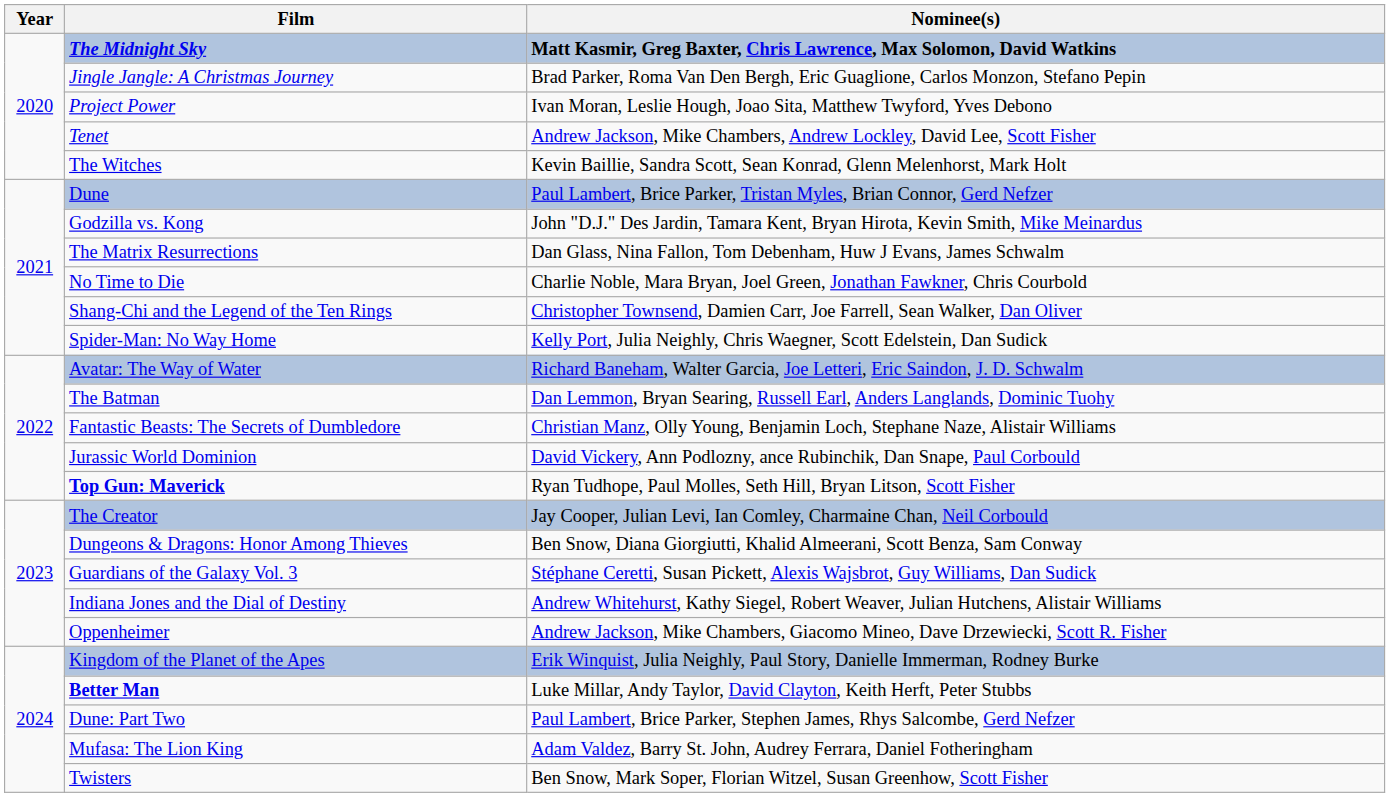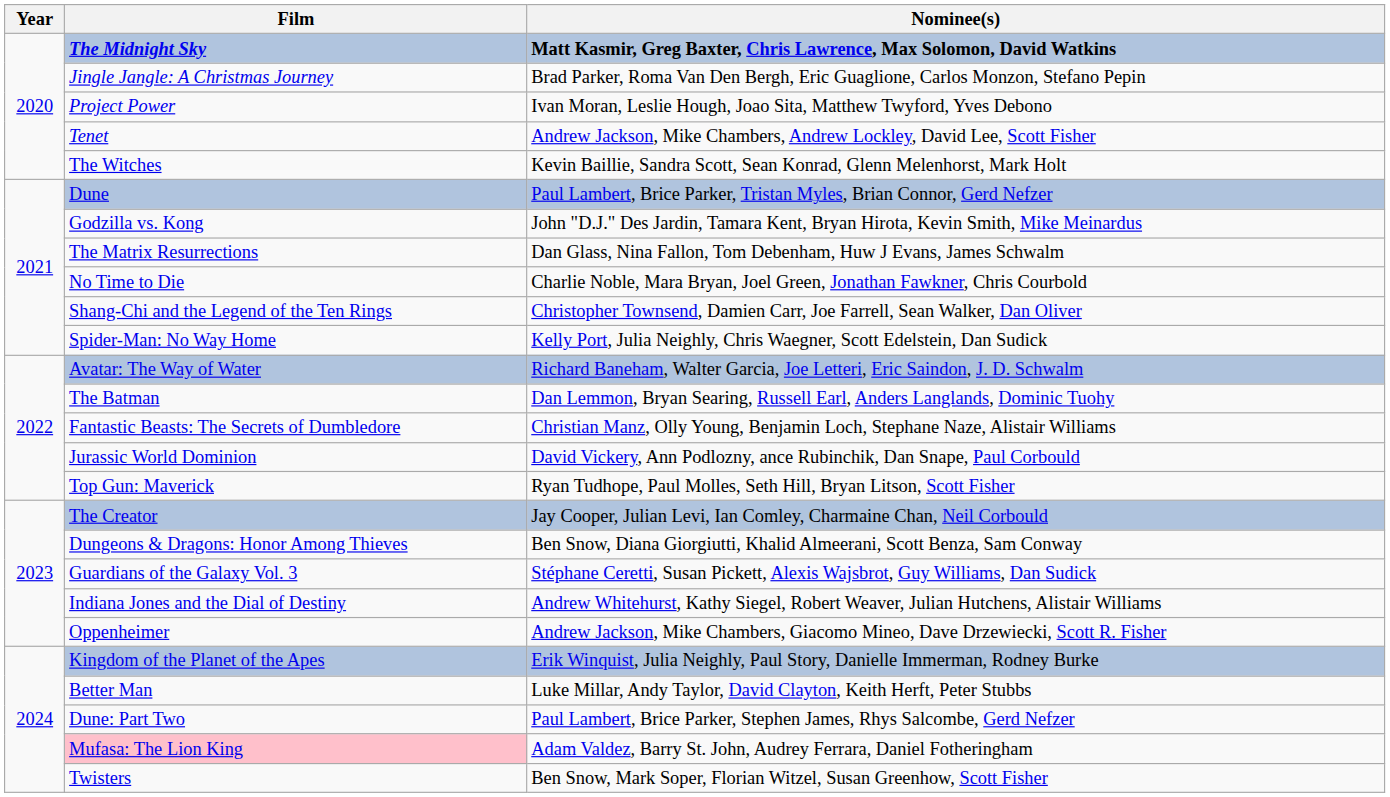 <table class="wikitable" width="95%" cellpadding="5">
 <tr>
 <th>Year</th>
 <th>Film</th>
 <th>Nominee(s)</th>
 </tr>
 <tr>
 <td rowspan="5" style="text-align:center;"><a href='#'>2020</a><br></td>
 <td style="background:#B0C4DE;"><strong><em><a href='#'>The Midnight Sky</a></em></strong></td>
 <td style="background:#B0C4DE;"><strong>Matt Kasmir, Greg Baxter, <a href='#'>Chris Lawrence</a>, Max Solomon, David Watkins</strong></td>
 </tr>
 <tr>
 <td><em><a href='#'>Jingle Jangle: A Christmas Journey</a></em></td>
 <td>Brad Parker, Roma Van Den Bergh, Eric Guaglione, Carlos Monzon, Stefano Pepin</td>
 </tr>
 <tr>
 <td><em><a href='#'>Project Power</a></em></td>
 <td>Ivan Moran, Leslie Hough, Joao Sita, Matthew Twyford, Yves Debono</td>
 </tr>
 <tr>
 <td><em><a href='#'>Tenet</a><strong><strong><em></td>
 <td><a href='#'>Andrew Jackson</a>, Mike Chambers, <a href='#'>Andrew Lockley</a>, David Lee, <a href='#'>Scott Fisher</a></td>
 </tr>
 <tr>
 <td></em><a href='#'>The Witches</a><em></td>
 <td>Kevin Baillie, Sandra Scott, Sean Konrad, Glenn Melenhorst, Mark Holt</td>
 </tr>
 <tr>
 <td rowspan="6" style="text-align:center;"><a href='#'>2021</a><br></td>
 <td style="background:#B0C4DE;"></em></strong><a href='#'>Dune</a> <strong><em></td>
 <td style="background:#B0C4DE;"></strong><a href='#'>Paul Lambert</a>, Brice Parker, <a href='#'>Tristan Myles</a>, Brian Connor, <a href='#'>Gerd Nefzer</a><strong></td>
 </tr>
 <tr>
 <td></em><a href='#'>Godzilla vs. Kong</a><em></td>
 <td>John "D.J." Des Jardin, Tamara Kent, Bryan Hirota, Kevin Smith, <a href='#'>Mike Meinardus</a></td>
 </tr>
 <tr>
 <td></em><a href='#'>The Matrix Resurrections</a><em></td>
 <td>Dan Glass, Nina Fallon, Tom Debenham, Huw J Evans, James Schwalm</td>
 </tr>
 <tr>
 <td></em><a href='#'>No Time to Die</a><em></td>
 <td>Charlie Noble, Mara Bryan, Joel Green, <a href='#'>Jonathan Fawkner</a>, Chris Courbold</td>
 </tr>
 <tr>
 <td></em><a href='#'>Shang-Chi and the Legend of the Ten Rings</a><em></td>
 <td><a href='#'>Christopher Townsend</a>, Damien Carr, Joe Farrell, Sean Walker, <a href='#'>Dan Oliver</a></td>
 </tr>
 <tr>
 <td></em><a href='#'>Spider-Man: No Way Home</a><em></td>
 <td><a href='#'>Kelly Port</a>, Julia Neighly, Chris Waegner, Scott Edelstein, Dan Sudick</td>
 </tr>
 <tr>
 <td rowspan="5" style="text-align:center;"><a href='#'>2022</a><br></td>
 <td style="background:#B0C4DE;"></em></strong><a href='#'>Avatar: The Way of Water</a> <strong><em></td>
 <td style="background:#B0C4DE;"></strong><a href='#'>Richard Baneham</a>, Walter Garcia, <a href='#'>Joe Letteri</a>, <a href='#'>Eric Saindon</a>, <a href='#'>J. D. Schwalm</a><strong></td>
 </tr>
 <tr>
 <td></em><a href='#'>The Batman</a><em></td>
 <td><a href='#'>Dan Lemmon</a>, Bryan Searing, <a href='#'>Russell Earl</a>, <a href='#'>Anders Langlands</a>, <a href='#'>Dominic Tuohy</a></td>
 </tr>
 <tr>
 <td></em><a href='#'>Fantastic Beasts: The Secrets of Dumbledore</a><em></td>
 <td><a href='#'>Christian Manz</a>, Olly Young, Benjamin Loch, Stephane Naze, Alistair Williams</td>
 </tr>
 <tr>
 <td></em><a href='#'>Jurassic World Dominion</a><em></td>
 <td><a href='#'>David Vickery</a>, Ann Podlozny, ance Rubinchik, Dan Snape, <a href='#'>Paul Corbould</a></td>
 </tr>
 <tr>
-<td><strong></em><a href='#'>Top Gun: Maverick</a><em></strong></td>
+<td></em><a href='#'>Top Gun: Maverick</a><em></td>
 <td>Ryan Tudhope, Paul Molles, Seth Hill, Bryan Litson, <a href='#'>Scott Fisher</a></td>
 </tr>
 <tr>
 <td rowspan="5" style="text-align:center;"><a href='#'>2023</a><br></td>
 <td style="background:#B0C4DE;"></em></strong><a href='#'>The Creator</a><strong><em></td>
 <td style="background:#B0C4DE;"></strong>Jay Cooper, Julian Levi, Ian Comley, Charmaine Chan, <a href='#'>Neil Corbould</a><strong></td>
 </tr>
 <tr>
 <td></em><a href='#'>Dungeons & Dragons: Honor Among Thieves</a><em></td>
 <td>Ben Snow, Diana Giorgiutti, Khalid Almeerani, Scott Benza, Sam Conway</td>
 </tr>
 <tr>
 <td></em><a href='#'>Guardians of the Galaxy Vol. 3</a><em></td>
 <td><a href='#'>Stéphane Ceretti</a>, Susan Pickett, <a href='#'>Alexis Wajsbrot</a>, <a href='#'>Guy Williams</a>, <a href='#'>Dan Sudick</a></td>
 </tr>
 <tr>
 <td></em><a href='#'>Indiana Jones and the Dial of Destiny</a><em></td>
 <td><a href='#'>Andrew Whitehurst</a>, Kathy Siegel, Robert Weaver, Julian Hutchens, Alistair Williams</td>
 </tr>
 <tr>
 <td></em><a href='#'>Oppenheimer</a><em></td>
 <td><a href='#'>Andrew Jackson</a>, Mike Chambers, Giacomo Mineo, Dave Drzewiecki, <a href='#'>Scott R. Fisher</a></td>
 </tr>
 <tr>
 <td rowspan="5" style="text-align:center;"><a href='#'>2024</a><br></td>
 <td style="background:#B0C4DE;"></em></strong><a href='#'>Kingdom of the Planet of the Apes</a><strong><em></td>
 <td style="background:#B0C4DE;"></strong><a href='#'>Erik Winquist</a>, Julia Neighly, Paul Story, Danielle Immerman, Rodney Burke<strong></td>
 </tr>
 <tr>
-<td><strong></em><a href='#'>Better Man</a><em></strong></td>
+<td></em><a href='#'>Better Man</a><em></td>
 <td>Luke Millar, Andy Taylor, <a href='#'>David Clayton</a>, Keith Herft, Peter Stubbs</td>
 </tr>
 <tr>
 <td></em><a href='#'>Dune: Part Two</a><em></td>
 <td><a href='#'>Paul Lambert</a>, Brice Parker, Stephen James, Rhys Salcombe, <a href='#'>Gerd Nefzer</a></td>
 </tr>
 <tr>
-<td></em><a href='#'>Mufasa: The Lion King</a><em></td>
+<td style="background: pink;"></em><a href='#'>Mufasa: The Lion King</a><em></td>
 <td><a href='#'>Adam Valdez</a>, Barry St. John, Audrey Ferrara, Daniel Fotheringham</td>
 </tr>
 <tr>
 <td></em><a href='#'>Twisters</a><em></td>
 <td>Ben Snow, Mark Soper, Florian Witzel, Susan Greenhow, <a href='#'>Scott Fisher</a></td>
 </tr>
 </table>
